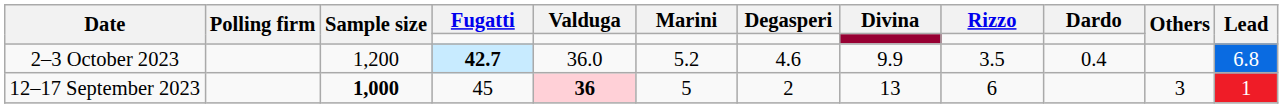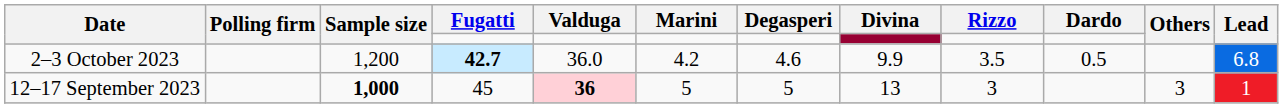 <table class="wikitable collapsible collapsed" style="text-align:center;font-size:85%;line-height:13px">
 <tr>
 <th rowspan="2">Date</th>
 <th rowspan="2">Polling firm</th>
 <th rowspan="2">Sample size</th>
 <th style="width:61px;"><a href='#'>Fugatti</a></th>
 <th style="width:61px;">Valduga</th>
 <th style="width:61px;">Marini</th>
 <th style="width:61px;">Degasperi</th>
 <th style="width:61px;">Divina</th>
 <th style="width:61px;"><a href='#'>Rizzo</a></th>
 <th style="width:61px;">Dardo</th>
 <th rowspan="2" style="width:35px;">Others</th>
 <th rowspan="2" style="width:35px;">Lead</th>
 </tr>
 <tr>
 <td></td>
 <td></td>
 <td></td>
 <td></td>
 <td bgcolor="#970033"></td>
 <td></td>
 <td></td>
 </tr>
 <tr>
 <td>2–3 October 2023</td>
 <td></td>
 <td>1,200</td>
 <td style="background:#C8EBFF"><strong>42.7</strong></td>
 <td>36.0</td>
-<td>5.2</td>
+<td>4.2</td>
 <td>4.6</td>
 <td>9.9</td>
 <td>3.5</td>
-<td>0.4</td>
+<td>0.5</td>
 <td></td>
 <td style="background:#0A6BE1; color:white;">6.8</td>
 </tr>
 <tr>
 <td>12–17 September 2023</td>
 <td></td>
 <td><strong>1,000</strong></td>
 <td>45</td>
 <td style="background:#FFD0D7"><strong>36</strong></td>
 <td>5</td>
-<td>2</td>
+<td>5</td>
 <td>13</td>
-<td>6</td>
+<td>3</td>
 <td></td>
 <td>3</td>
 <td style="background:#EF1C27; color:white;">1</td>
 </tr>
 </table>
